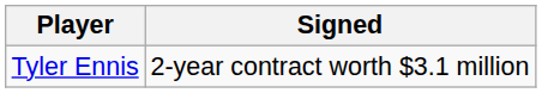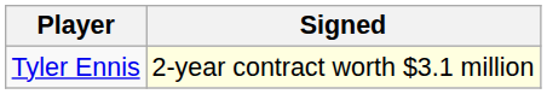 <table class="wikitable sortable sortable">
 <tr>
 <th>Player</th>
 <th>Signed</th>
 </tr>
 <tr style="text-align: center">
 <td><a href='#'>Tyler Ennis</a></td>
-<td>2-year contract worth $3.1 million</td>
+<td style="background: lightyellow;">2-year contract worth $3.1 million</td>
 </tr>
 </table>
